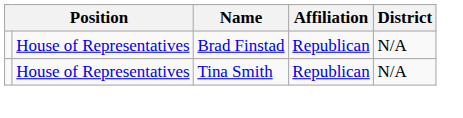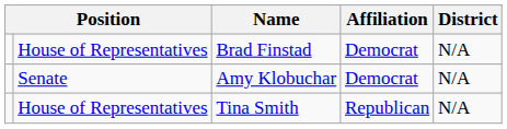 <table class="wikitable">
 <tr>
 <th colspan="2">Position</th>
 <th>Name</th>
 <th>Affiliation</th>
 <th>District</th>
 </tr>
 <tr>
 <td style="background-color:"></td>
 <td><a href='#'>House of Representatives</a></td>
 <td><a href='#'>Brad Finstad</a></td>
-<td><a href='#'>Republican</a></td>
+<td><a href='#'>Democrat</a></td>
+<td>N/A</td>
+</tr>
+<tr>
+<td style="background-color:"></td>
+<td><a href='#'>Senate</a></td>
+<td><a href='#'>Amy Klobuchar</a></td>
+<td><a href='#'>Democrat</a></td>
 <td>N/A</td>
 </tr>
 <tr>
 <td style="background-color:"></td>
 <td><a href='#'>House of Representatives</a></td>
 <td><a href='#'>Tina Smith</a></td>
 <td><a href='#'>Republican</a></td>
 <td>N/A</td>
 </tr>
 </table>
